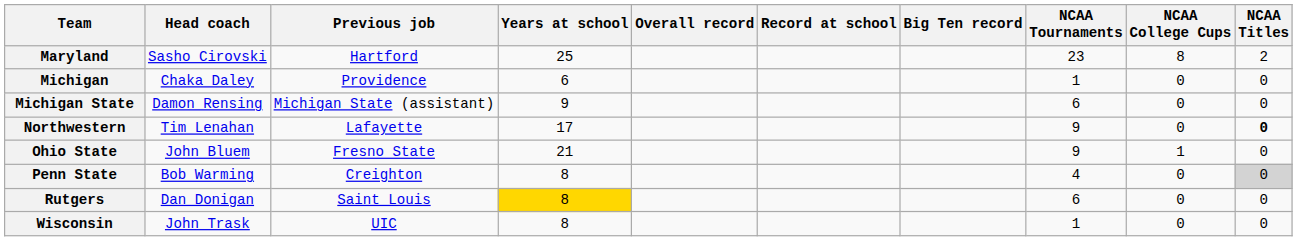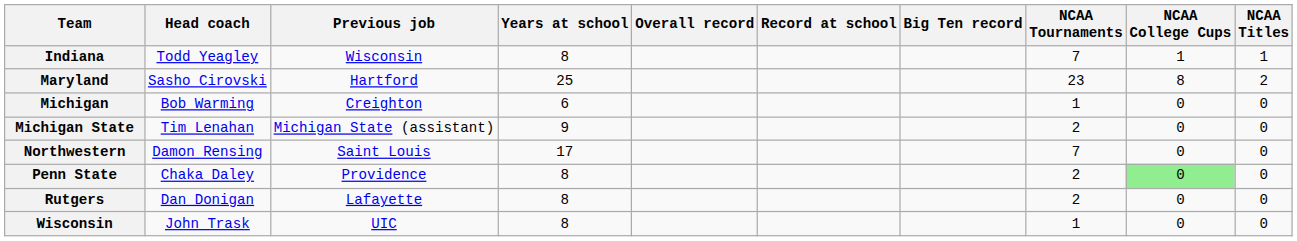 <table class="wikitable sortable" style="text-align: center;font-size:90%;">
 <tr>
 <th width="110">Team</th>
 <th>Head coach</th>
 <th>Previous job</th>
 <th>Years at school</th>
 <th>Overall record</th>
 <th>Record at school</th>
 <th>Big Ten record</th>
 <th>NCAA<br>Tournaments</th>
 <th>NCAA<br>College Cups</th>
 <th>NCAA<br>Titles</th>
+</tr>
+<tr>
+<th>Indiana</th>
+<td><a href='#'>Todd Yeagley</a></td>
+<td><a href='#'>Wisconsin</a></td>
+<td>8</td>
+<td></td>
+<td></td>
+<td></td>
+<td>7</td>
+<td>1</td>
+<td>1</td>
 </tr>
 <tr>
 <th>Maryland</th>
 <td><a href='#'>Sasho Cirovski</a></td>
 <td><a href='#'>Hartford</a></td>
 <td>25</td>
 <td></td>
 <td></td>
 <td></td>
 <td>23</td>
 <td>8</td>
 <td>2</td>
 </tr>
 <tr>
 <th>Michigan</th>
-<td><a href='#'>Chaka Daley</a></td>
-<td><a href='#'>Providence</a></td>
+<td><a href='#'>Bob Warming</a></td>
+<td><a href='#'>Creighton</a></td>
 <td>6</td>
 <td></td>
 <td></td>
 <td></td>
 <td>1</td>
 <td>0</td>
 <td>0</td>
 </tr>
 <tr>
 <th>Michigan State</th>
-<td><a href='#'>Damon Rensing</a></td>
+<td><a href='#'>Tim Lenahan</a></td>
 <td><a href='#'>Michigan State</a> (assistant)</td>
 <td>9</td>
 <td></td>
 <td></td>
 <td></td>
-<td>6</td>
+<td>2</td>
 <td>0</td>
 <td>0</td>
 </tr>
 <tr>
 <th>Northwestern</th>
-<td><a href='#'>Tim Lenahan</a></td>
-<td><a href='#'>Lafayette</a></td>
+<td><a href='#'>Damon Rensing</a></td>
+<td><a href='#'>Saint Louis</a></td>
 <td>17</td>
 <td></td>
 <td></td>
 <td></td>
-<td>9</td>
+<td>7</td>
 <td>0</td>
-<td><strong>0</strong></td>
-</tr>
-<tr>
-<th>Ohio State</th>
-<td><a href='#'>John Bluem</a></td>
-<td><a href='#'>Fresno State</a></td>
-<td>21</td>
-<td></td>
-<td></td>
-<td></td>
-<td>9</td>
-<td>1</td>
 <td>0</td>
 </tr>
 <tr>
 <th>Penn State</th>
-<td><a href='#'>Bob Warming</a></td>
-<td><a href='#'>Creighton</a></td>
+<td><a href='#'>Chaka Daley</a></td>
+<td><a href='#'>Providence</a></td>
 <td>8</td>
 <td></td>
 <td></td>
 <td></td>
-<td>4</td>
+<td>2</td>
+<td style="background: lightgreen;">0</td>
 <td>0</td>
-<td style="background: lightgrey;">0</td>
 </tr>
 <tr>
 <th>Rutgers</th>
 <td><a href='#'>Dan Donigan</a></td>
-<td><a href='#'>Saint Louis</a></td>
-<td style="background: gold;">8</td>
+<td><a href='#'>Lafayette</a></td>
+<td>8</td>
 <td></td>
 <td></td>
 <td></td>
-<td>6</td>
+<td>2</td>
 <td>0</td>
 <td>0</td>
 </tr>
 <tr>
 <th>Wisconsin</th>
 <td><a href='#'>John Trask</a></td>
 <td><a href='#'>UIC</a></td>
 <td>8</td>
 <td></td>
 <td></td>
 <td></td>
 <td>1</td>
 <td>0</td>
 <td>0</td>
 </tr>
 </table>
